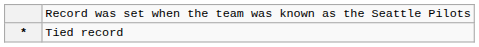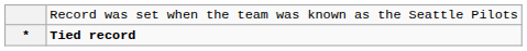 <table class="wikitable plainrowheaders" style="font-size:85%">
 <tr>
 <th scope="row" style="text-align:center;" col width="30px"></th>
 <td>Record was set when the team was known as the Seattle Pilots</td>
 </tr>
 <tr>
 <th scope="row" style="text-align:center">*</th>
-<td>Tied record</td>
+<td><strong>Tied record</strong></td>
 </tr>
 </table>
